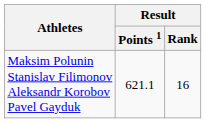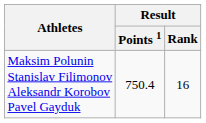 <table class="wikitable" border="1" style="font-size:90%">
 <tr>
 <th rowspan=2>Athletes</th>
 <th colspan=2>Result</th>
 </tr>
 <tr>
 <th>Points <sup>1</sup></th>
 <th>Rank</th>
 </tr>
 <tr>
 <td><a href='#'>Maksim Polunin</a><br><a href='#'>Stanislav Filimonov</a><br><a href='#'>Aleksandr Korobov</a><br><a href='#'>Pavel Gayduk</a></td>
-<td align=center>621.1</td>
+<td align=center>750.4</td>
 <td align=center>16</td>
 </tr>
 </table>
